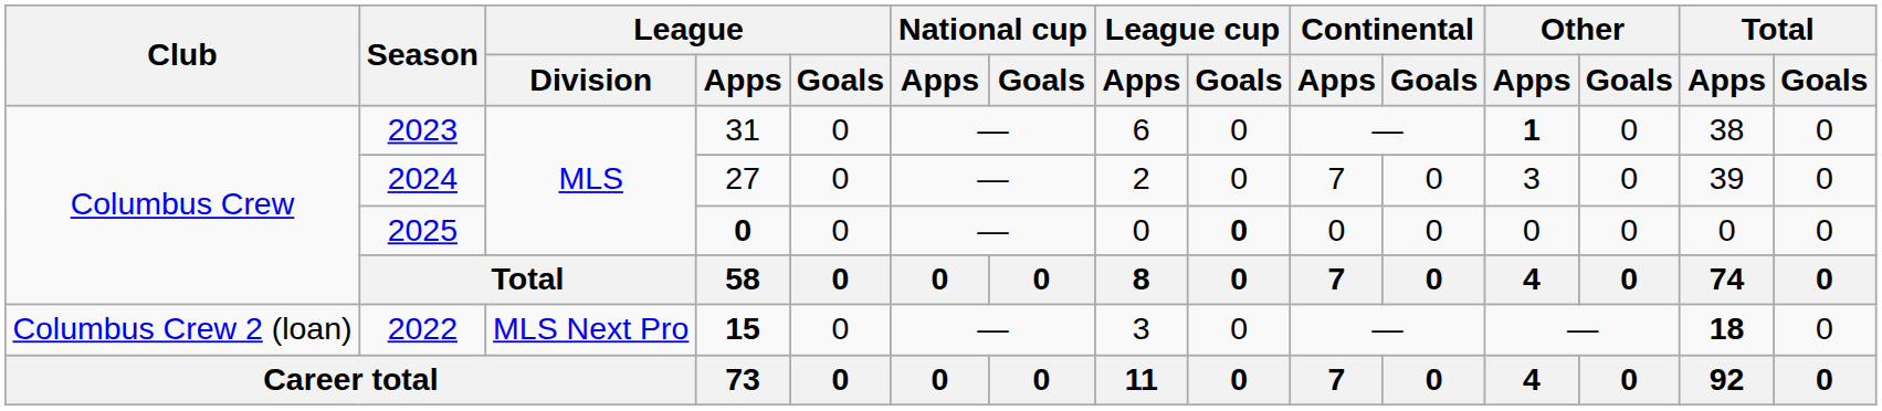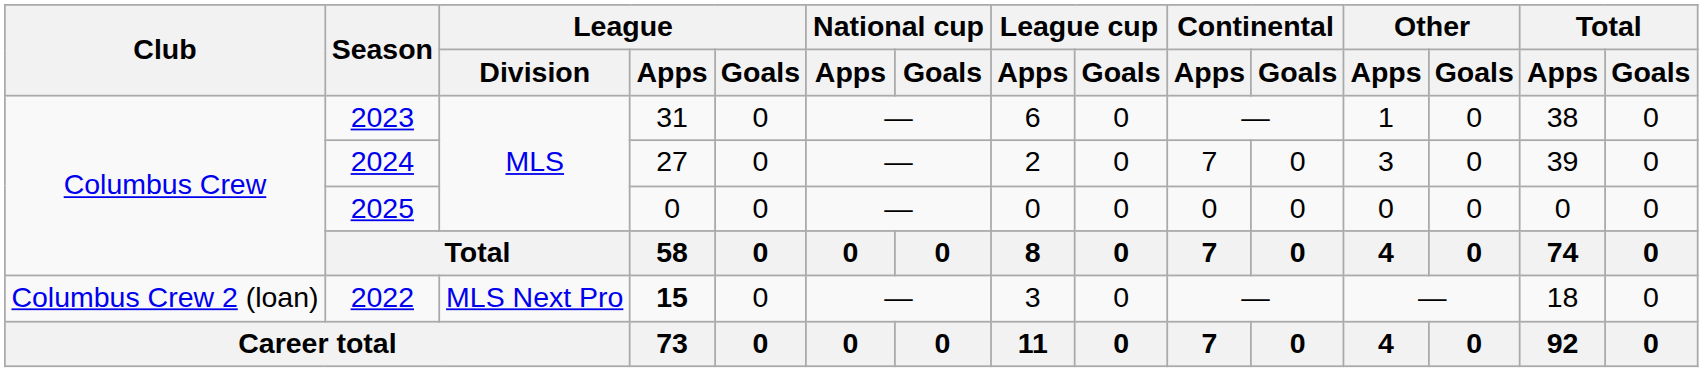 <table class=wikitable style=text-align:center>
 <tr>
 <th rowspan=2>Club</th>
 <th rowspan=2>Season</th>
 <th colspan=3>League</th>
 <th colspan=2>National cup</th>
 <th colspan=2>League cup</th>
 <th colspan=2>Continental</th>
 <th colspan=2>Other</th>
 <th colspan=2>Total</th>
 </tr>
 <tr>
 <th>Division</th>
 <th>Apps</th>
 <th>Goals</th>
 <th>Apps</th>
 <th>Goals</th>
 <th>Apps</th>
 <th>Goals</th>
 <th>Apps</th>
 <th>Goals</th>
 <th>Apps</th>
 <th>Goals</th>
 <th>Apps</th>
 <th>Goals</th>
 </tr>
 <tr>
 <td rowspan=4><a href='#'>Columbus Crew</a></td>
 <td><a href='#'>2023</a></td>
 <td rowspan=3><a href='#'>MLS</a></td>
 <td>31</td>
 <td>0</td>
 <td colspan=2>—</td>
 <td>6</td>
 <td>0</td>
 <td colspan=2>—</td>
-<td><strong>1</strong></td>
+<td>1</td>
 <td>0</td>
 <td>38</td>
 <td>0</td>
 </tr>
 <tr>
 <td><a href='#'>2024</a></td>
 <td>27</td>
 <td>0</td>
 <td colspan=2>—</td>
 <td>2</td>
 <td>0</td>
 <td>7</td>
 <td>0</td>
 <td>3</td>
 <td>0</td>
 <td>39</td>
 <td>0</td>
 </tr>
 <tr>
 <td><a href='#'>2025</a></td>
-<td><strong>0</strong></td>
+<td>0</td>
 <td>0</td>
 <td colspan=2>—</td>
 <td>0</td>
-<td><strong>0</strong></td>
+<td>0</td>
 <td>0</td>
 <td>0</td>
 <td>0</td>
 <td>0</td>
 <td>0</td>
 <td>0</td>
 </tr>
 <tr>
 <th colspan=2>Total</th>
 <th>58</th>
 <th>0</th>
 <th>0</th>
 <th>0</th>
 <th>8</th>
 <th>0</th>
 <th>7</th>
 <th>0</th>
 <th>4</th>
 <th>0</th>
 <th>74</th>
 <th>0</th>
 </tr>
 <tr>
 <td rowspan=1><a href='#'>Columbus Crew 2</a> (loan)</td>
 <td><a href='#'>2022</a></td>
 <td rowspan=1><a href='#'>MLS Next Pro</a></td>
 <td><strong>15</strong></td>
 <td>0</td>
 <td colspan=2>—</td>
 <td>3</td>
 <td>0</td>
 <td colspan=2>—</td>
 <td colspan=2>—</td>
-<td><strong>18</strong></td>
+<td>18</td>
 <td>0</td>
 </tr>
 <tr>
 <th colspan=3>Career total</th>
 <th>73</th>
 <th>0</th>
 <th>0</th>
 <th>0</th>
 <th>11</th>
 <th>0</th>
 <th>7</th>
 <th>0</th>
 <th>4</th>
 <th>0</th>
 <th>92</th>
 <th>0</th>
 </tr>
 </table>
